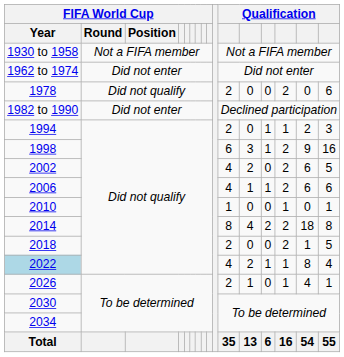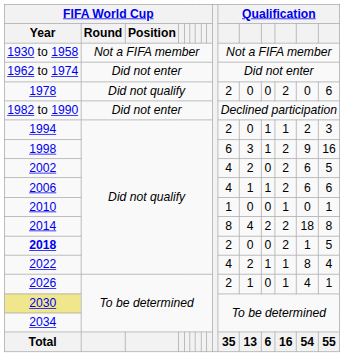 <table class="wikitable" style="text-align: center;">
 <tr>
 <th colspan=9><a href='#'>FIFA World Cup</a></th>
 <th rowspan=28></th>
 <th colspan=6><a href='#'>Qualification</a></th>
 </tr>
 <tr>
 <th>Year</th>
 <th>Round</th>
 <th>Position</th>
 <th></th>
 <th></th>
 <th></th>
 <th></th>
 <th></th>
 <th></th>
 <th></th>
 <th></th>
 <th></th>
 <th></th>
 <th></th>
 <th></th>
 </tr>
 <tr>
 <td><a href='#'>1930</a> to <a href='#'>1958</a></td>
 <td colspan=8><em>Not a FIFA member</em></td>
 <td colspan=6><em>Not a FIFA member</em></td>
 </tr>
 <tr>
 <td><a href='#'>1962</a> to <a href='#'>1974</a></td>
 <td colspan=8><em>Did not enter</em></td>
 <td colspan=6><em>Did not enter</em></td>
 </tr>
 <tr>
 <td> <a href='#'>1978</a></td>
 <td colspan=8><em>Did not qualify</em></td>
 <td>2</td>
 <td>0</td>
 <td>0</td>
 <td>2</td>
 <td>0</td>
 <td>6</td>
 </tr>
 <tr>
 <td><a href='#'>1982</a> to <a href='#'>1990</a></td>
 <td colspan=8><em>Did not enter</em></td>
 <td colspan=6><em>Declined participation</em></td>
 </tr>
 <tr>
 <td> <a href='#'>1994</a></td>
 <td colspan=8 rowspan=8><em>Did not qualify</em></td>
 <td>2</td>
 <td>0</td>
 <td>1</td>
 <td>1</td>
 <td>2</td>
 <td>3</td>
 </tr>
 <tr>
 <td> <a href='#'>1998</a></td>
 <td>6</td>
 <td>3</td>
 <td>1</td>
 <td>2</td>
 <td>9</td>
 <td>16</td>
 </tr>
 <tr>
 <td>  <a href='#'>2002</a></td>
 <td>4</td>
 <td>2</td>
 <td>0</td>
 <td>2</td>
 <td>6</td>
 <td>5</td>
 </tr>
 <tr>
 <td> <a href='#'>2006</a></td>
 <td>4</td>
 <td>1</td>
 <td>1</td>
 <td>2</td>
 <td>6</td>
 <td>6</td>
 </tr>
 <tr>
 <td> <a href='#'>2010</a></td>
 <td>1</td>
 <td>0</td>
 <td>0</td>
 <td>1</td>
 <td>0</td>
 <td>1</td>
 </tr>
 <tr>
 <td> <a href='#'>2014</a></td>
 <td>8</td>
 <td>4</td>
 <td>2</td>
 <td>2</td>
 <td>18</td>
 <td>8</td>
 </tr>
 <tr>
-<td> <a href='#'>2018</a></td>
+<td><strong> <a href='#'>2018</a></strong></td>
 <td>2</td>
 <td>0</td>
 <td>0</td>
 <td>2</td>
 <td>1</td>
 <td>5</td>
 </tr>
 <tr>
-<td style="background: lightblue;"> <a href='#'>2022</a></td>
+<td> <a href='#'>2022</a></td>
 <td>4</td>
 <td>2</td>
 <td>1</td>
 <td>1</td>
 <td>8</td>
 <td>4</td>
 </tr>
 <tr>
 <td>   <a href='#'>2026</a></td>
 <td colspan=8 rowspan=3><em>To be determined</em></td>
 <td>2</td>
 <td>1</td>
 <td>0</td>
 <td>1</td>
 <td>4</td>
 <td>1</td>
 </tr>
 <tr>
-<td>   <a href='#'>2030</a></td>
+<td style="background: khaki;">   <a href='#'>2030</a></td>
 <td colspan=6 rowspan=2><em>To be determined</em></td>
 </tr>
 <tr>
 <td> <a href='#'>2034</a></td>
 </tr>
 <tr>
 <th>Total</th>
 <th></th>
 <th></th>
 <th></th>
 <th></th>
 <th></th>
 <th></th>
 <th></th>
 <th></th>
 <th>35</th>
 <th>13</th>
 <th>6</th>
 <th>16</th>
 <th>54</th>
 <th>55</th>
 </tr>
 </table>
